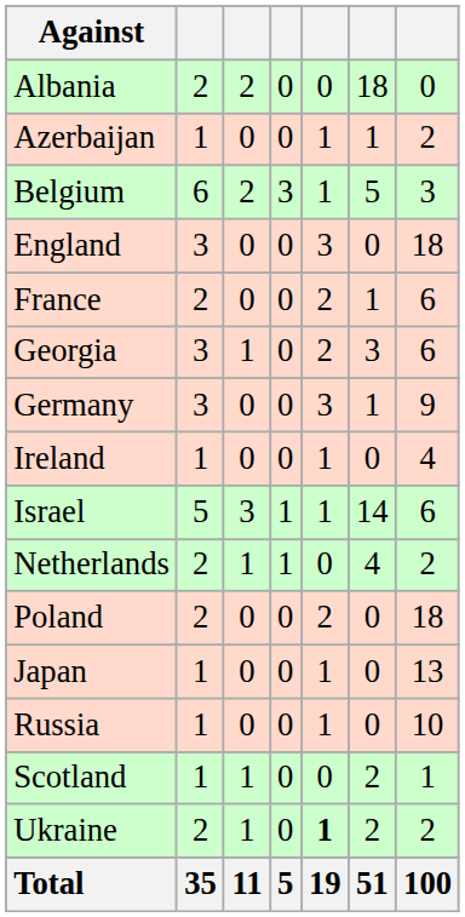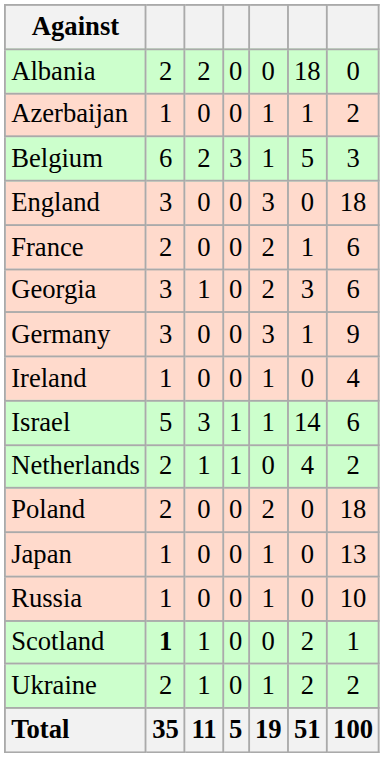 <table class="wikitable sortable" style="text-align: center; font-size: 90%;">
 <tr>
 <th>Against</th>
 <th></th>
 <th></th>
 <th></th>
 <th></th>
 <th></th>
 <th></th>
 </tr>
 <tr bgcolor="#CCFFCC">
 <td style="text-align: left;">Albania</td>
 <td>2</td>
 <td>2</td>
 <td>0</td>
 <td>0</td>
 <td>18</td>
 <td>0</td>
 </tr>
 <tr bgcolor="#FFDACC">
 <td style="text-align: left;">Azerbaijan</td>
 <td>1</td>
 <td>0</td>
 <td>0</td>
 <td>1</td>
 <td>1</td>
 <td>2</td>
 </tr>
 <tr bgcolor="#CCFFCC">
 <td style="text-align: left;">Belgium</td>
 <td>6</td>
 <td>2</td>
 <td>3</td>
 <td>1</td>
 <td>5</td>
 <td>3</td>
 </tr>
 <tr bgcolor="#FFDACC">
 <td style="text-align: left;">England</td>
 <td>3</td>
 <td>0</td>
 <td>0</td>
 <td>3</td>
 <td>0</td>
 <td>18</td>
 </tr>
 <tr bgcolor="#FFDACC">
 <td style="text-align: left;">France</td>
 <td>2</td>
 <td>0</td>
 <td>0</td>
 <td>2</td>
 <td>1</td>
 <td>6</td>
 </tr>
 <tr bgcolor="#FFDACC">
 <td style="text-align: left;">Georgia</td>
 <td>3</td>
 <td>1</td>
 <td>0</td>
 <td>2</td>
 <td>3</td>
 <td>6</td>
 </tr>
 <tr bgcolor="#FFDACC">
 <td style="text-align: left;">Germany</td>
 <td>3</td>
 <td>0</td>
 <td>0</td>
 <td>3</td>
 <td>1</td>
 <td>9</td>
 </tr>
 <tr bgcolor="#FFDACC">
 <td style="text-align: left;">Ireland</td>
 <td>1</td>
 <td>0</td>
 <td>0</td>
 <td>1</td>
 <td>0</td>
 <td>4</td>
 </tr>
 <tr bgcolor="#CCFFCC">
 <td style="text-align: left;">Israel</td>
 <td>5</td>
 <td>3</td>
 <td>1</td>
 <td>1</td>
 <td>14</td>
 <td>6</td>
 </tr>
 <tr bgcolor="#CCFFCC">
 <td style="text-align: left;">Netherlands</td>
 <td>2</td>
 <td>1</td>
 <td>1</td>
 <td>0</td>
 <td>4</td>
 <td>2</td>
 </tr>
 <tr bgcolor="#FFDACC">
 <td style="text-align: left;">Poland</td>
 <td>2</td>
 <td>0</td>
 <td>0</td>
 <td>2</td>
 <td>0</td>
 <td>18</td>
 </tr>
 <tr bgcolor="#FFDACC">
 <td style="text-align: left;">Japan</td>
 <td>1</td>
 <td>0</td>
 <td>0</td>
 <td>1</td>
 <td>0</td>
 <td>13</td>
 </tr>
 <tr bgcolor="#FFDACC">
 <td style="text-align: left;">Russia</td>
 <td>1</td>
 <td>0</td>
 <td>0</td>
 <td>1</td>
 <td>0</td>
 <td>10</td>
 </tr>
 <tr bgcolor="#CCFFCC">
 <td style="text-align: left;">Scotland</td>
-<td>1</td>
+<td><strong>1</strong></td>
 <td>1</td>
 <td>0</td>
 <td>0</td>
 <td>2</td>
 <td>1</td>
 </tr>
 <tr bgcolor="#CCFFCC">
 <td style="text-align: left;">Ukraine</td>
 <td>2</td>
 <td>1</td>
 <td>0</td>
-<td><strong>1</strong></td>
+<td>1</td>
 <td>2</td>
 <td>2</td>
 </tr>
 <tr>
 <th style="text-align: left;">Total</th>
 <th>35</th>
 <th>11</th>
 <th>5</th>
 <th>19</th>
 <th>51</th>
 <th>100</th>
 </tr>
 </table>
